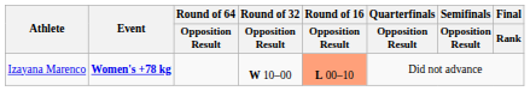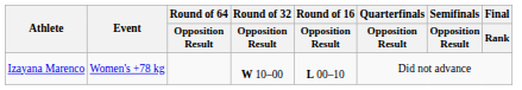 <table class="wikitable" style="font-size:90%">
 <tr>
 <th rowspan="2">Athlete</th>
 <th rowspan="2">Event</th>
 <th>Round of 64</th>
 <th>Round of 32</th>
 <th>Round of 16</th>
 <th>Quarterfinals</th>
 <th>Semifinals</th>
 <th colspan=2>Final</th>
 </tr>
 <tr style="font-size:95%">
 <th>Opposition<br>Result</th>
 <th>Opposition<br>Result</th>
 <th>Opposition<br>Result</th>
 <th>Opposition<br>Result</th>
 <th>Opposition<br>Result</th>
 <th>Rank</th>
 </tr>
 <tr align=center>
 <td align=left><a href='#'>Izayana Marenco</a></td>
-<td align=left><strong><a href='#'>Women's +78 kg</a></strong></td>
+<td align=left><a href='#'>Women's +78 kg</a></td>
 <td></td>
 <td><br><strong>W</strong> 10–00</td>
-<td style="background: lightsalmon;"><br><strong>L</strong> 00–10</td>
+<td><br><strong>L</strong> 00–10</td>
 <td colspan="3">Did not advance</td>
 </tr>
 </table>
